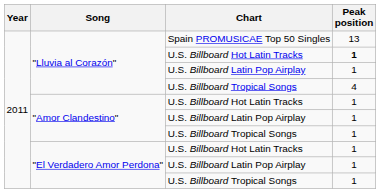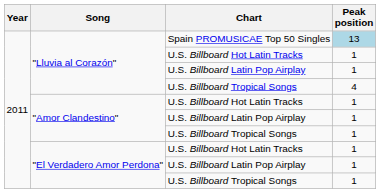 <table class="wikitable">
 <tr>
 <th>Year</th>
 <th>Song</th>
 <th>Chart </th>
 <th>Peak<br>position</th>
 </tr>
 <tr>
 <td align="center" rowspan="10">2011</td>
 <td rowspan="4">"<a href='#'>Lluvia al Corazón</a>"</td>
 <td>Spain <a href='#'>PROMUSICAE</a> Top 50 Singles</td>
-<td align="center">13</td>
+<td align="center" style="background: lightblue;">13</td>
 </tr>
 <tr>
 <td>U.S. <em>Billboard</em> <a href='#'>Hot Latin Tracks</a></td>
-<td align="center"><strong>1</strong></td>
+<td align="center">1</td>
 </tr>
 <tr>
 <td>U.S. <em>Billboard</em> <a href='#'>Latin Pop Airplay</a></td>
 <td align="center">1</td>
 </tr>
 <tr>
 <td>U.S. <em>Billboard</em> <a href='#'>Tropical Songs</a></td>
 <td align="center">4</td>
 </tr>
 <tr>
 <td rowspan="3">"<a href='#'>Amor Clandestino</a>"</td>
 <td>U.S. <em>Billboard</em> Hot Latin Tracks</td>
 <td align="center">1</td>
 </tr>
 <tr>
 <td>U.S. <em>Billboard</em> Latin Pop Airplay</td>
 <td align="center">1</td>
 </tr>
 <tr>
 <td>U.S. <em>Billboard</em> Tropical Songs</td>
 <td align="center">1</td>
 </tr>
 <tr>
 <td rowspan="3">"<a href='#'>El Verdadero Amor Perdona</a>"</td>
 <td>U.S. <em>Billboard</em> Hot Latin Tracks</td>
 <td align="center">1</td>
 </tr>
 <tr>
 <td>U.S. <em>Billboard</em> Latin Pop Airplay</td>
 <td align="center">1</td>
 </tr>
 <tr>
 <td>U.S. <em>Billboard</em> Tropical Songs</td>
 <td align="center">1</td>
 </tr>
 </table>
